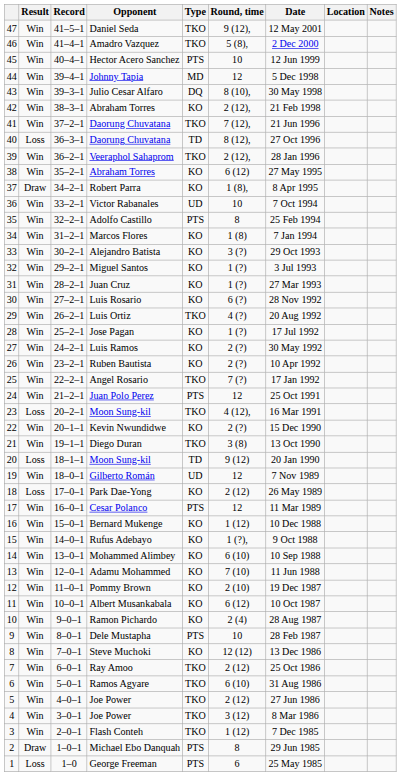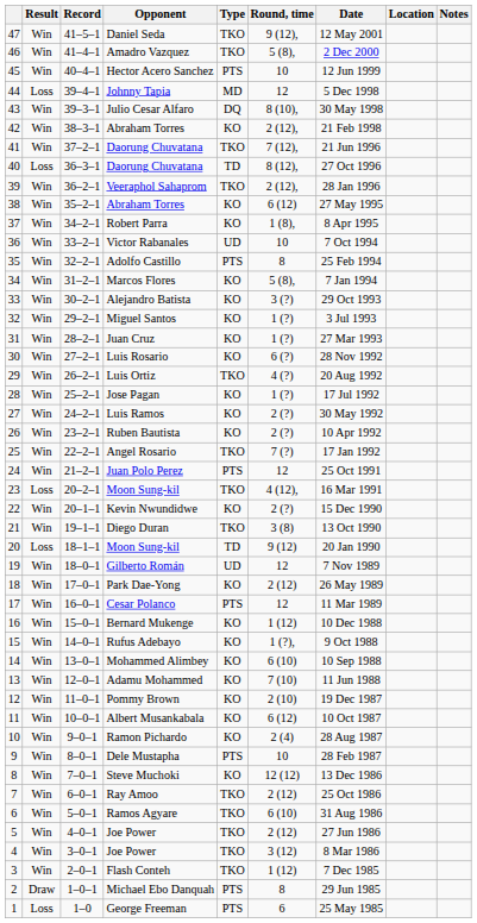 <table class="wikitable" style="text-align:center">
 <tr>
 <th></th>
 <th>Result</th>
 <th>Record</th>
 <th>Opponent</th>
 <th>Type</th>
 <th>Round, time</th>
 <th>Date</th>
 <th>Location</th>
 <th>Notes</th>
 </tr>
 <tr>
 <td>47</td>
 <td>Win</td>
 <td>41–5–1</td>
 <td style="text-align:left;">Daniel Seda</td>
 <td>TKO</td>
 <td>9 (12), </td>
 <td>12 May 2001</td>
 <td style="text-align:left;"></td>
 <td align=left></td>
 </tr>
 <tr>
 <td>46</td>
 <td>Win</td>
 <td>41–4–1</td>
 <td style="text-align:left;">Amadro Vazquez</td>
 <td>TKO</td>
 <td>5 (8), </td>
 <td><a href='#'>2 Dec 2000</a></td>
 <td style="text-align:left;"></td>
 <td></td>
 </tr>
 <tr>
 <td>45</td>
 <td>Win</td>
 <td>40–4–1</td>
 <td style="text-align:left;">Hector Acero Sanchez</td>
 <td>PTS</td>
 <td>10</td>
 <td>12 Jun 1999</td>
 <td style="text-align:left;"></td>
 <td></td>
 </tr>
 <tr>
 <td>44</td>
-<td>Win</td>
+<td>Loss</td>
 <td>39–4–1</td>
 <td style="text-align:left;"><a href='#'>Johnny Tapia</a></td>
 <td>MD</td>
 <td>12</td>
 <td>5 Dec 1998</td>
 <td style="text-align:left;"></td>
 <td align=left></td>
 </tr>
 <tr>
 <td>43</td>
 <td>Win</td>
 <td>39–3–1</td>
 <td style="text-align:left;">Julio Cesar Alfaro</td>
 <td>DQ</td>
 <td>8 (10), </td>
 <td>30 May 1998</td>
 <td style="text-align:left;"></td>
 <td align=left></td>
 </tr>
 <tr>
 <td>42</td>
 <td>Win</td>
 <td>38–3–1</td>
 <td style="text-align:left;">Abraham Torres</td>
 <td>KO</td>
 <td>2 (12), </td>
 <td>21 Feb 1998</td>
 <td style="text-align:left;"></td>
 <td align=left></td>
 </tr>
 <tr>
 <td>41</td>
 <td>Win</td>
 <td>37–2–1</td>
 <td style="text-align:left;"><a href='#'>Daorung Chuvatana</a></td>
 <td>TKO</td>
 <td>7 (12), </td>
 <td>21 Jun 1996</td>
 <td style="text-align:left;"></td>
 <td align=left></td>
 </tr>
 <tr>
 <td>40</td>
 <td>Loss</td>
 <td>36–3–1</td>
 <td style="text-align:left;"><a href='#'>Daorung Chuvatana</a></td>
 <td>TD</td>
 <td>8 (12), </td>
 <td>27 Oct 1996</td>
 <td style="text-align:left;"></td>
 <td align=left></td>
 </tr>
 <tr>
 <td>39</td>
 <td>Win</td>
 <td>36–2–1</td>
 <td style="text-align:left;"><a href='#'>Veeraphol Sahaprom</a></td>
 <td>TKO</td>
 <td>2 (12), </td>
 <td>28 Jan 1996</td>
 <td style="text-align:left;"></td>
 <td style="text-align:left;"></td>
 </tr>
 <tr>
 <td>38</td>
 <td>Win</td>
 <td>35–2–1</td>
 <td style="text-align:left;"><a href='#'>Abraham Torres</a></td>
 <td>KO</td>
 <td>6 (12)</td>
 <td>27 May 1995</td>
 <td style="text-align:left;"></td>
 <td align=left></td>
 </tr>
 <tr>
 <td>37</td>
-<td>Draw</td>
+<td>Win</td>
 <td>34–2–1</td>
 <td style="text-align:left;">Robert Parra</td>
 <td>KO</td>
 <td>1 (8), </td>
 <td>8 Apr 1995</td>
 <td style="text-align:left;"></td>
 <td></td>
 </tr>
 <tr>
 <td>36</td>
 <td>Win</td>
 <td>33–2–1</td>
 <td style="text-align:left;">Victor Rabanales</td>
 <td>UD</td>
 <td>10</td>
 <td>7 Oct 1994</td>
 <td style="text-align:left;"></td>
 <td></td>
 </tr>
 <tr>
 <td>35</td>
 <td>Win</td>
 <td>32–2–1</td>
 <td style="text-align:left;">Adolfo Castillo</td>
 <td>PTS</td>
 <td>8</td>
 <td>25 Feb 1994</td>
 <td style="text-align:left;"></td>
 <td></td>
 </tr>
 <tr>
 <td>34</td>
 <td>Win</td>
 <td>31–2–1</td>
 <td style="text-align:left;">Marcos Flores</td>
 <td>KO</td>
-<td>1 (8)</td>
+<td>5 (8), </td>
 <td>7 Jan 1994</td>
 <td style="text-align:left;"></td>
 <td></td>
 </tr>
 <tr>
 <td>33</td>
 <td>Win</td>
 <td>30–2–1</td>
 <td style="text-align:left;">Alejandro Batista</td>
 <td>KO</td>
 <td>3 (?)</td>
 <td>29 Oct 1993</td>
 <td style="text-align:left;"></td>
 <td></td>
 </tr>
 <tr>
 <td>32</td>
 <td>Win</td>
 <td>29–2–1</td>
 <td style="text-align:left;">Miguel Santos</td>
 <td>KO</td>
 <td>1 (?)</td>
 <td>3 Jul 1993</td>
 <td style="text-align:left;"></td>
 <td></td>
 </tr>
 <tr>
 <td>31</td>
 <td>Win</td>
 <td>28–2–1</td>
 <td style="text-align:left;">Juan Cruz</td>
 <td>KO</td>
 <td>1 (?)</td>
 <td>27 Mar 1993</td>
 <td style="text-align:left;"></td>
 <td></td>
 </tr>
 <tr>
 <td>30</td>
 <td>Win</td>
 <td>27–2–1</td>
 <td style="text-align:left;">Luis Rosario</td>
 <td>KO</td>
 <td>6 (?)</td>
 <td>28 Nov 1992</td>
 <td style="text-align:left;"></td>
 <td></td>
 </tr>
 <tr>
 <td>29</td>
 <td>Win</td>
 <td>26–2–1</td>
 <td style="text-align:left;">Luis Ortiz</td>
 <td>TKO</td>
 <td>4 (?)</td>
 <td>20 Aug 1992</td>
 <td style="text-align:left;"></td>
 <td></td>
 </tr>
 <tr>
 <td>28</td>
 <td>Win</td>
 <td>25–2–1</td>
 <td style="text-align:left;">Jose Pagan</td>
 <td>KO</td>
 <td>1 (?)</td>
 <td>17 Jul 1992</td>
 <td style="text-align:left;"></td>
 <td></td>
 </tr>
 <tr>
 <td>27</td>
 <td>Win</td>
 <td>24–2–1</td>
 <td style="text-align:left;">Luis Ramos</td>
 <td>KO</td>
 <td>2 (?)</td>
 <td>30 May 1992</td>
 <td style="text-align:left;"></td>
 <td></td>
 </tr>
 <tr>
 <td>26</td>
 <td>Win</td>
 <td>23–2–1</td>
 <td style="text-align:left;">Ruben Bautista</td>
 <td>KO</td>
 <td>2 (?)</td>
 <td>10 Apr 1992</td>
 <td style="text-align:left;"></td>
 <td></td>
 </tr>
 <tr>
 <td>25</td>
 <td>Win</td>
 <td>22–2–1</td>
 <td style="text-align:left;">Angel Rosario</td>
 <td>TKO</td>
 <td>7 (?)</td>
 <td>17 Jan 1992</td>
 <td style="text-align:left;"></td>
 <td></td>
 </tr>
 <tr>
 <td>24</td>
 <td>Win</td>
 <td>21–2–1</td>
 <td style="text-align:left;"><a href='#'>Juan Polo Perez</a></td>
 <td>PTS</td>
 <td>12</td>
 <td>25 Oct 1991</td>
 <td style="text-align:left;"></td>
 <td align=left></td>
 </tr>
 <tr>
 <td>23</td>
 <td>Loss</td>
 <td>20–2–1</td>
 <td style="text-align:left;"><a href='#'>Moon Sung-kil</a></td>
 <td>TKO</td>
 <td>4 (12), </td>
 <td>16 Mar 1991</td>
 <td style="text-align:left;"></td>
 <td style="text-align:left;"></td>
 </tr>
 <tr>
 <td>22</td>
 <td>Win</td>
 <td>20–1–1</td>
 <td style="text-align:left;">Kevin Nwundidwe</td>
 <td>KO</td>
 <td>2 (?)</td>
 <td>15 Dec 1990</td>
 <td style="text-align:left;"></td>
 <td></td>
 </tr>
 <tr>
 <td>21</td>
 <td>Win</td>
 <td>19–1–1</td>
 <td style="text-align:left;">Diego Duran</td>
 <td>TKO</td>
 <td>3 (8)</td>
 <td>13 Oct 1990</td>
 <td style="text-align:left;"></td>
 <td></td>
 </tr>
 <tr>
 <td>20</td>
 <td>Loss</td>
 <td>18–1–1</td>
 <td style="text-align:left;"><a href='#'>Moon Sung-kil</a></td>
 <td>TD</td>
 <td>9 (12)</td>
 <td>20 Jan 1990</td>
 <td style="text-align:left;"></td>
 <td style="text-align:left;"></td>
 </tr>
 <tr>
 <td>19</td>
 <td>Win</td>
 <td>18–0–1</td>
 <td style="text-align:left;"><a href='#'>Gilberto Román</a></td>
 <td>UD</td>
 <td>12</td>
 <td>7 Nov 1989</td>
 <td style="text-align:left;"></td>
 <td align=left></td>
 </tr>
 <tr>
 <td>18</td>
-<td>Loss</td>
+<td>Win</td>
 <td>17–0–1</td>
 <td style="text-align:left;">Park Dae-Yong</td>
 <td>KO</td>
 <td>2 (12)</td>
 <td>26 May 1989</td>
 <td style="text-align:left;"></td>
 <td style="text-align:left;"></td>
 </tr>
 <tr>
 <td>17</td>
 <td>Win</td>
 <td>16–0–1</td>
 <td style="text-align:left;"><a href='#'>Cesar Polanco</a></td>
 <td>PTS</td>
 <td>12</td>
 <td>11 Mar 1989</td>
 <td style="text-align:left;"></td>
 <td style="text-align:left;"></td>
 </tr>
 <tr>
 <td>16</td>
 <td>Win</td>
 <td>15–0–1</td>
 <td style="text-align:left;">Bernard Mukenge</td>
 <td>KO</td>
 <td>1 (12)</td>
 <td>10 Dec 1988</td>
 <td style="text-align:left;"></td>
 <td align=left></td>
 </tr>
 <tr>
 <td>15</td>
 <td>Win</td>
 <td>14–0–1</td>
 <td style="text-align:left;">Rufus Adebayo</td>
 <td>KO</td>
 <td>1 (?), </td>
 <td>9 Oct 1988</td>
 <td style="text-align:left;"></td>
 <td></td>
 </tr>
 <tr>
 <td>14</td>
 <td>Win</td>
 <td>13–0–1</td>
 <td style="text-align:left;">Mohammed Alimbey</td>
 <td>KO</td>
 <td>6 (10)</td>
 <td>10 Sep 1988</td>
 <td style="text-align:left;"></td>
 <td></td>
 </tr>
 <tr>
 <td>13</td>
 <td>Win</td>
 <td>12–0–1</td>
 <td style="text-align:left;">Adamu Mohammed</td>
 <td>KO</td>
 <td>7 (10)</td>
 <td>11 Jun 1988</td>
 <td style="text-align:left;"></td>
 <td></td>
 </tr>
 <tr>
 <td>12</td>
 <td>Win</td>
 <td>11–0–1</td>
 <td style="text-align:left;">Pommy Brown</td>
 <td>KO</td>
 <td>2 (10)</td>
 <td>19 Dec 1987</td>
 <td style="text-align:left;"></td>
 <td></td>
 </tr>
 <tr>
 <td>11</td>
 <td>Win</td>
 <td>10–0–1</td>
 <td style="text-align:left;">Albert Musankabala</td>
 <td>KO</td>
 <td>6 (12)</td>
 <td>10 Oct 1987</td>
 <td style="text-align:left;"></td>
 <td align=left></td>
 </tr>
 <tr>
 <td>10</td>
 <td>Win</td>
 <td>9–0–1</td>
 <td style="text-align:left;">Ramon Pichardo</td>
 <td>KO</td>
 <td>2 (4)</td>
 <td>28 Aug 1987</td>
 <td style="text-align:left;"></td>
 <td></td>
 </tr>
 <tr>
 <td>9</td>
 <td>Win</td>
 <td>8–0–1</td>
 <td style="text-align:left;">Dele Mustapha</td>
 <td>PTS</td>
 <td>10</td>
 <td>28 Feb 1987</td>
 <td style="text-align:left;"></td>
 <td></td>
 </tr>
 <tr>
 <td>8</td>
 <td>Win</td>
 <td>7–0–1</td>
 <td style="text-align:left;">Steve Muchoki</td>
 <td>KO</td>
 <td>12 (12)</td>
 <td>13 Dec 1986</td>
 <td style="text-align:left;"></td>
 <td align=left></td>
 </tr>
 <tr>
 <td>7</td>
 <td>Win</td>
 <td>6–0–1</td>
 <td style="text-align:left;">Ray Amoo</td>
 <td>TKO</td>
 <td>2 (12)</td>
 <td>25 Oct 1986</td>
 <td style="text-align:left;"></td>
 <td align=left></td>
 </tr>
 <tr>
 <td>6</td>
 <td>Win</td>
 <td>5–0–1</td>
 <td style="text-align:left;">Ramos Agyare</td>
 <td>TKO</td>
 <td>6 (10)</td>
 <td>31 Aug 1986</td>
 <td style="text-align:left;"></td>
 <td></td>
 </tr>
 <tr>
 <td>5</td>
 <td>Win</td>
 <td>4–0–1</td>
 <td style="text-align:left;">Joe Power</td>
 <td>TKO</td>
 <td>2 (12)</td>
 <td>27 Jun 1986</td>
 <td style="text-align:left;"></td>
 <td align=left></td>
 </tr>
 <tr>
 <td>4</td>
 <td>Win</td>
 <td>3–0–1</td>
 <td style="text-align:left;">Joe Power</td>
 <td>TKO</td>
 <td>3 (12)</td>
 <td>8 Mar 1986</td>
 <td style="text-align:left;"></td>
 <td align=left></td>
 </tr>
 <tr>
 <td>3</td>
 <td>Win</td>
 <td>2–0–1</td>
 <td style="text-align:left;">Flash Conteh</td>
 <td>TKO</td>
 <td>1 (12)</td>
 <td>7 Dec 1985</td>
 <td style="text-align:left;"></td>
 <td align=left></td>
 </tr>
 <tr>
 <td>2</td>
 <td>Draw</td>
 <td>1–0–1</td>
 <td style="text-align:left;">Michael Ebo Danquah</td>
 <td>PTS</td>
 <td>8</td>
 <td>29 Jun 1985</td>
 <td style="text-align:left;"></td>
 <td></td>
 </tr>
 <tr>
 <td>1</td>
 <td>Loss</td>
 <td>1–0</td>
 <td style="text-align:left;">George Freeman</td>
 <td>PTS</td>
 <td>6</td>
 <td>25 May 1985</td>
 <td style="text-align:left;"></td>
 <td></td>
 </tr>
 </table>
